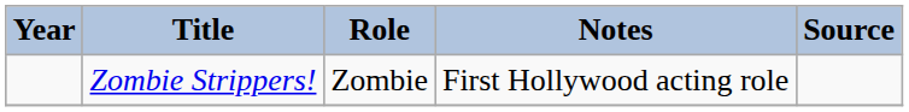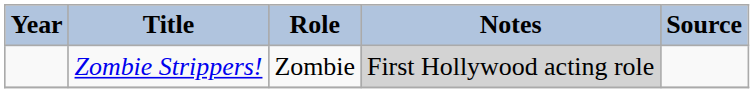 <table class="wikitable sortable plainrowheaders">
 <tr>
 <th style="background:#b0c4de;">Year </th>
 <th style="background:#b0c4de;">Title</th>
 <th style="background:#b0c4de;">Role </th>
 <th style="background:#b0c4de;" class="unsortable">Notes</th>
 <th style="background:#b0c4de;" class="unsortable">Source</th>
 </tr>
 <tr>
 <td></td>
 <td><em><a href='#'>Zombie Strippers!</a></em></td>
 <td>Zombie</td>
-<td>First Hollywood acting role</td>
+<td style="background: lightgrey;">First Hollywood acting role</td>
 <td></td>
 </tr>
 <tr>
 </tr>
 </table>
